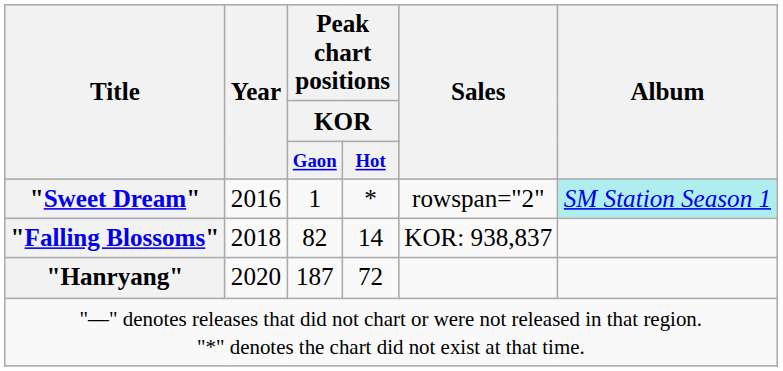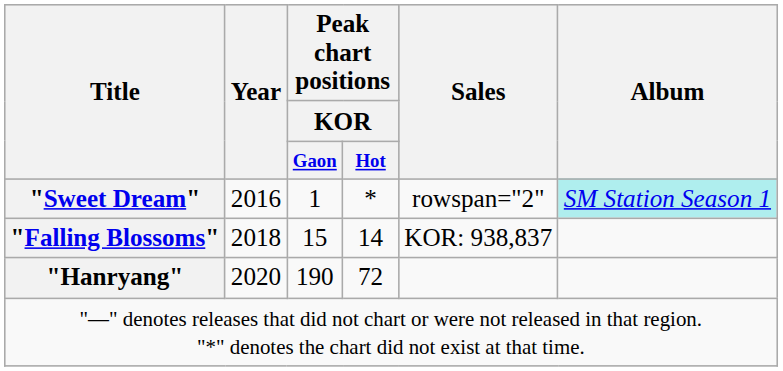 <table class="wikitable plainrowheaders" style="text-align:center;">
 <tr>
 <th scope="col" rowspan="3">Title</th>
 <th scope="col" rowspan="3">Year</th>
 <th scope="col" colspan="2">Peak chart positions</th>
 <th scope="col" rowspan="3">Sales</th>
 <th scope="col" rowspan="3">Album</th>
 </tr>
 <tr>
 <th colspan="2">KOR</th>
 </tr>
 <tr>
 <th scope="col" style="width:2em;font-size:90%;"><a href='#'><small>Gaon</small></a><br></th>
 <th scope="col" style="width:2em;font-size:90%;"><a href='#'><small>Hot</small></a><br></th>
 </tr>
 <tr>
 <th scope="row">"<a href='#'>Sweet Dream</a>"<br></th>
 <td>2016</td>
 <td>1</td>
 <td>*</td>
 <td>rowspan="2" </td>
 <td style="background: paleturquoise;"><em><a href='#'>SM Station Season 1</a></em></td>
 </tr>
 <tr>
 <th scope="row">"<a href='#'>Falling Blossoms</a>"<br></th>
 <td>2018</td>
-<td>82</td>
+<td>15</td>
 <td>14</td>
 <td>KOR: 938,837</td>
 <td></td>
 </tr>
 <tr>
 <th scope="row">"Hanryang"<br></th>
 <td>2020</td>
-<td>187</td>
+<td>190</td>
 <td>72</td>
 <td></td>
 </tr>
 <tr>
 <td colspan="6"><small>"—" denotes releases that did not chart or were not released in that region.<br>"*" denotes the chart did not exist at that time.</small></td>
 </tr>
 </table>
